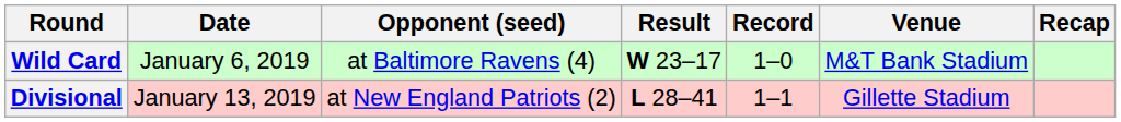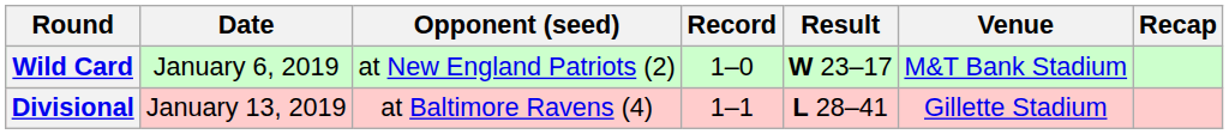 <table class="wikitable" style="text-align:center">
 <tr>
 <th>Round</th>
 <th>Date</th>
 <th>Opponent (seed)</th>
+<th>Record</th>
 <th>Result</th>
-<th>Record</th>
 <th>Venue</th>
 <th>Recap</th>
 </tr>
 <tr style="background:#cfc">
 <th><a href='#'>Wild Card</a></th>
 <td>January 6, 2019</td>
-<td>at <a href='#'>Baltimore Ravens</a> (4)</td>
+<td>at <a href='#'>New England Patriots</a> (2)</td>
+<td>1–0</td>
 <td><strong>W</strong> 23–17</td>
-<td>1–0</td>
 <td><a href='#'>M&T Bank Stadium</a></td>
 <td></td>
 </tr>
 <tr style="background:#fcc">
 <th><a href='#'>Divisional</a></th>
 <td>January 13, 2019</td>
-<td>at <a href='#'>New England Patriots</a> (2)</td>
+<td>at <a href='#'>Baltimore Ravens</a> (4)</td>
+<td>1–1</td>
 <td><strong>L</strong> 28–41</td>
-<td>1–1</td>
 <td><a href='#'>Gillette Stadium</a></td>
 <td></td>
 </tr>
 </table>
